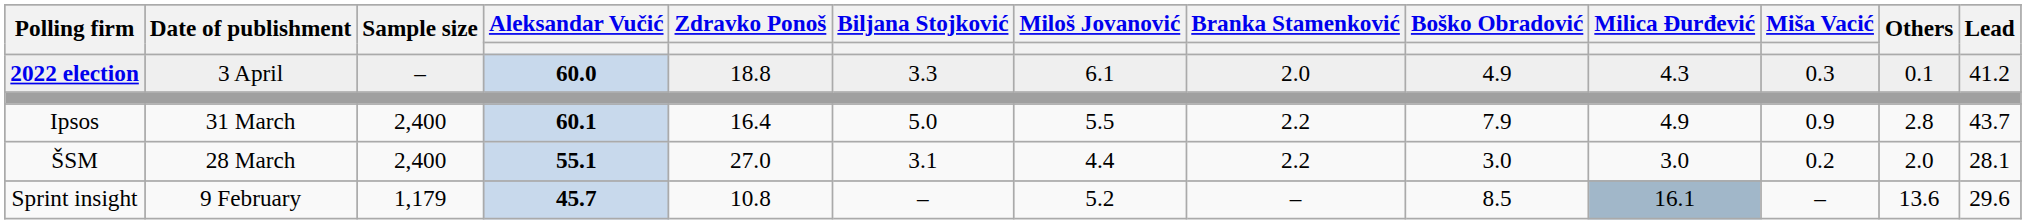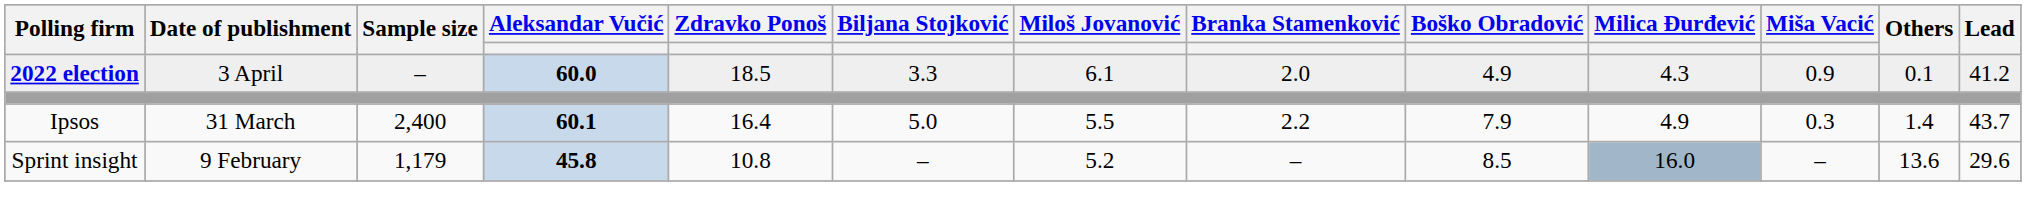 <table class="wikitable" style="text-align:center; font-size:85%; line-height:16px; margin-bottom:0">
 <tr>
 <th rowspan="2">Polling firm</th>
 <th rowspan="2">Date of publishment</th>
 <th rowspan="2">Sample size</th>
 <th><a href='#'>Aleksandar Vučić</a></th>
 <th><a href='#'>Zdravko Ponoš</a></th>
 <th><a href='#'>Biljana Stojković</a></th>
 <th><a href='#'>Miloš Jovanović</a></th>
 <th><a href='#'>Branka Stamenković</a></th>
 <th><a href='#'>Boško Obradović</a></th>
 <th><a href='#'>Milica Đurđević</a></th>
 <th><a href='#'>Miša Vacić</a></th>
 <th rowspan="2">Others</th>
 <th rowspan="2">Lead</th>
 </tr>
 <tr>
 <th style="background:"></th>
 <th style="background:"></th>
 <th style="background:"></th>
 <th style="background:"></th>
 <th style="background:"></th>
 <th style="background:"></th>
 <th style="background:"></th>
 <th style="background:"></th>
 </tr>
 <tr style="background:#EFEFEF">
 <td><strong><a href='#'>2022 election</a></strong></td>
 <td>3 April</td>
 <td>–</td>
 <td style="background:#C8D9EC"><strong>60.0</strong></td>
-<td>18.8</td>
+<td>18.5</td>
 <td>3.3</td>
 <td>6.1</td>
 <td>2.0</td>
 <td>4.9</td>
 <td>4.3</td>
-<td>0.3</td>
+<td>0.9</td>
 <td>0.1</td>
 <td style="background:">41.2</td>
 </tr>
 <tr>
 <td colspan="13" style="background:#A0A0A0"></td>
 </tr>
 <tr>
 <td>Ipsos</td>
 <td>31 March</td>
 <td>2,400</td>
 <td style="background:#C8D9EC"><strong>60.1</strong></td>
 <td>16.4</td>
 <td>5.0</td>
 <td>5.5</td>
 <td>2.2</td>
 <td>7.9</td>
 <td>4.9</td>
-<td>0.9</td>
-<td>2.8</td>
+<td>0.3</td>
+<td>1.4</td>
 <td style="background:">43.7</td>
-</tr>
-<tr>
-<td>ŠSM</td>
-<td>28 March</td>
-<td>2,400</td>
-<td style="background:#C8D9EC"><strong>55.1</strong></td>
-<td>27.0</td>
-<td>3.1</td>
-<td>4.4</td>
-<td>2.2</td>
-<td>3.0</td>
-<td>3.0</td>
-<td>0.2</td>
-<td>2.0</td>
-<td style="background:">28.1</td>
 </tr>
 <tr>
 <td>Sprint insight</td>
 <td>9 February</td>
 <td>1,179</td>
-<td style="background:#C8D9EC"><strong>45.7</strong></td>
+<td style="background:#C8D9EC"><strong>45.8</strong></td>
 <td>10.8</td>
 <td>–</td>
 <td>5.2</td>
 <td>–</td>
 <td>8.5</td>
-<td style="background:#A1B7C9">16.1</td>
+<td style="background:#A1B7C9">16.0</td>
 <td>–</td>
 <td>13.6</td>
 <td style="background:">29.6</td>
 </tr>
 </table>
